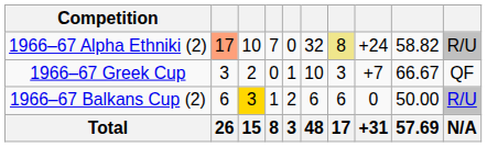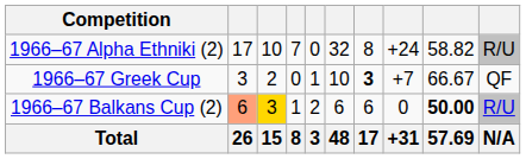 <table class="wikitable" style="text-align:center">
 <tr>
 <th>Competition</th>
 <th></th>
 <th></th>
 <th></th>
 <th></th>
 <th></th>
 <th></th>
 <th></th>
 <th></th>
 <th></th>
 </tr>
 <tr>
 <td><a href='#'>1966–67 Alpha Ethniki</a> (2)</td>
-<td style="background: lightsalmon;">17</td>
+<td>17</td>
 <td>10</td>
 <td>7</td>
 <td>0</td>
 <td>32</td>
-<td style="background: khaki;">8</td>
+<td>8</td>
 <td>+24</td>
 <td>58.82</td>
 <td bgcolor=#C0C0C0>R/U</td>
 </tr>
 <tr>
 <td><a href='#'>1966–67 Greek Cup</a></td>
 <td>3</td>
 <td>2</td>
 <td>0</td>
 <td>1</td>
 <td>10</td>
-<td>3</td>
+<td><strong>3</strong></td>
 <td>+7</td>
 <td>66.67</td>
 <td>QF</td>
 </tr>
 <tr>
 <td><a href='#'>1966–67 Balkans Cup</a> (2)</td>
-<td>6</td>
+<td style="background: lightsalmon;">6</td>
 <td style="background: gold;">3</td>
 <td>1</td>
 <td>2</td>
 <td>6</td>
 <td>6</td>
 <td>0</td>
-<td>50.00</td>
+<td><strong>50.00</strong></td>
 <td bgcolor=#C0C0C0><a href='#'>R/U</a></td>
 </tr>
 <tr>
 <th>Total</th>
 <th>26</th>
 <th>15</th>
 <th>8</th>
 <th>3</th>
 <th>48</th>
 <th>17</th>
 <th>+31</th>
 <th>57.69</th>
 <th>N/A</th>
 </tr>
 </table>
